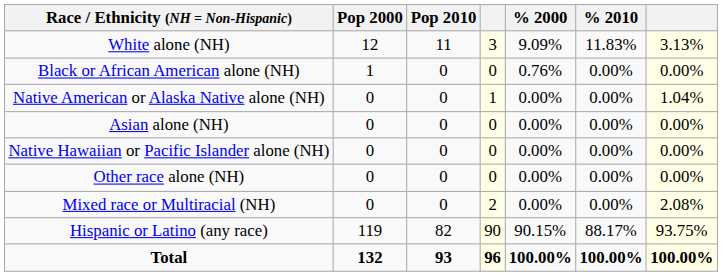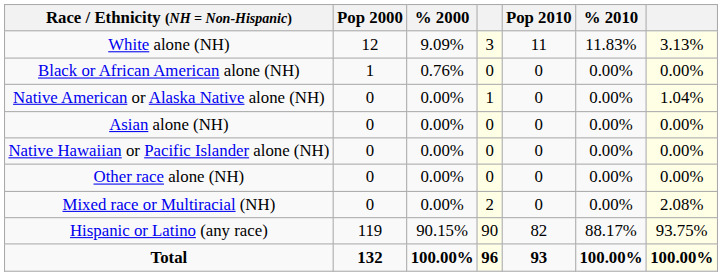 <table class="wikitable" style="text-align:center;">
 <tr>
 <th>Race / Ethnicity <small>(<em>NH = Non-Hispanic</em>)</small></th>
 <th>Pop 2000</th>
+<th>% 2000</th>
+<th></th>
 <th>Pop 2010</th>
-<th></th>
-<th>% 2000</th>
 <th>% 2010</th>
 <th></th>
 </tr>
 <tr>
 <td><a href='#'>White</a> alone (NH)</td>
 <td>12</td>
+<td>9.09%</td>
+<td style='background: #ffffe6;'>3</td>
 <td>11</td>
-<td style='background: #ffffe6;'>3</td>
-<td>9.09%</td>
 <td>11.83%</td>
 <td style='background: #ffffe6;'>3.13%</td>
 </tr>
 <tr>
 <td><a href='#'>Black or African American</a> alone (NH)</td>
 <td>1</td>
+<td>0.76%</td>
+<td style='background: #ffffe6;'>0</td>
 <td>0</td>
-<td style='background: #ffffe6;'>0</td>
-<td>0.76%</td>
 <td>0.00%</td>
 <td style='background: #ffffe6;'>0.00%</td>
 </tr>
 <tr>
 <td><a href='#'>Native American</a> or <a href='#'>Alaska Native</a> alone (NH)</td>
 <td>0</td>
+<td>0.00%</td>
+<td style='background: #ffffe6;'>1</td>
 <td>0</td>
-<td style='background: #ffffe6;'>1</td>
-<td>0.00%</td>
 <td>0.00%</td>
 <td style='background: #ffffe6;'>1.04%</td>
 </tr>
 <tr>
 <td><a href='#'>Asian</a> alone (NH)</td>
 <td>0</td>
+<td>0.00%</td>
+<td style='background: #ffffe6;'>0</td>
 <td>0</td>
-<td style='background: #ffffe6;'>0</td>
-<td>0.00%</td>
 <td>0.00%</td>
 <td style='background: #ffffe6;'>0.00%</td>
 </tr>
 <tr>
 <td><a href='#'>Native Hawaiian</a> or <a href='#'>Pacific Islander</a> alone (NH)</td>
 <td>0</td>
+<td>0.00%</td>
+<td style='background: #ffffe6;'>0</td>
 <td>0</td>
-<td style='background: #ffffe6;'>0</td>
-<td>0.00%</td>
 <td>0.00%</td>
 <td style='background: #ffffe6;'>0.00%</td>
 </tr>
 <tr>
 <td><a href='#'>Other race</a> alone (NH)</td>
 <td>0</td>
+<td>0.00%</td>
+<td style='background: #ffffe6;'>0</td>
 <td>0</td>
-<td style='background: #ffffe6;'>0</td>
-<td>0.00%</td>
 <td>0.00%</td>
 <td style='background: #ffffe6;'>0.00%</td>
 </tr>
 <tr>
 <td><a href='#'>Mixed race or Multiracial</a> (NH)</td>
 <td>0</td>
+<td>0.00%</td>
+<td style='background: #ffffe6;'>2</td>
 <td>0</td>
-<td style='background: #ffffe6;'>2</td>
-<td>0.00%</td>
 <td>0.00%</td>
 <td style='background: #ffffe6;'>2.08%</td>
 </tr>
 <tr>
 <td><a href='#'>Hispanic or Latino</a> (any race)</td>
 <td>119</td>
+<td>90.15%</td>
+<td style='background: #ffffe6;'>90</td>
 <td>82</td>
-<td style='background: #ffffe6;'>90</td>
-<td>90.15%</td>
 <td>88.17%</td>
 <td style='background: #ffffe6;'>93.75%</td>
 </tr>
 <tr>
 <td><strong>Total</strong></td>
 <td><strong>132</strong></td>
+<td><strong>100.00%</strong></td>
+<td style='background: #ffffe6;'><strong>96</strong></td>
 <td><strong>93</strong></td>
-<td style='background: #ffffe6;'><strong>96</strong></td>
-<td><strong>100.00%</strong></td>
 <td><strong>100.00%</strong></td>
 <td style='background: #ffffe6;'><strong>100.00%</strong></td>
 </tr>
 </table>
